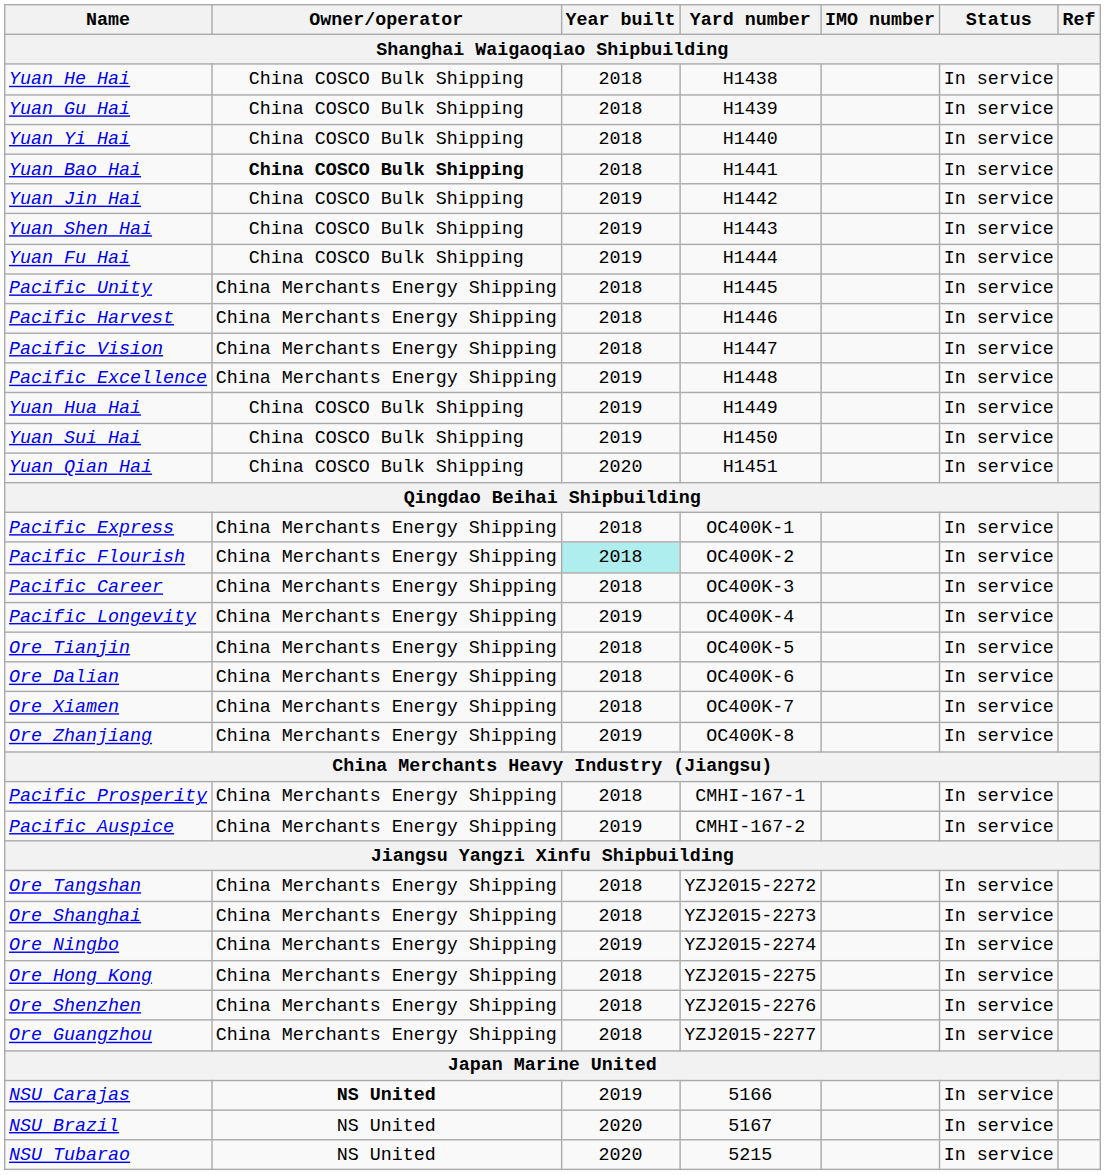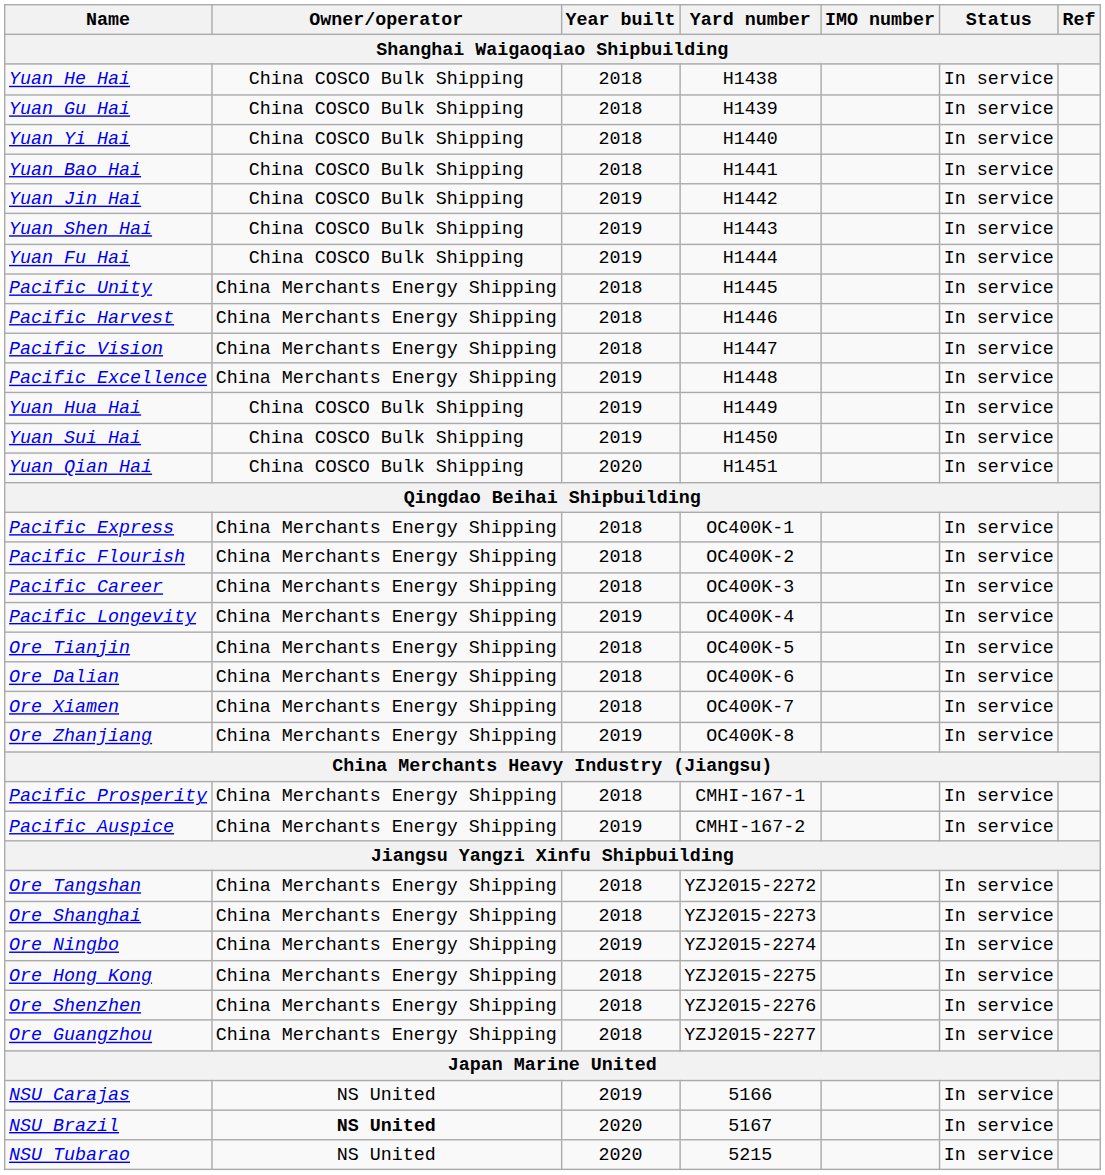 <table class="wikitable">
 <tr>
 <th>Name</th>
 <th>Owner/operator</th>
 <th>Year built</th>
 <th>Yard number</th>
 <th>IMO number</th>
 <th>Status</th>
 <th>Ref</th>
 </tr>
 <tr>
 <th colspan=7>Shanghai Waigaoqiao Shipbuilding</th>
 </tr>
 <tr>
 <td align="left"><a href='#'><em>Yuan He Hai</em></a></td>
 <td align="center">China COSCO Bulk Shipping</td>
 <td align="center">2018</td>
 <td align="center">H1438</td>
 <td align="center"></td>
 <td align="center">In service</td>
 <td align="center"></td>
 </tr>
 <tr>
 <td align="left"><a href='#'><em>Yuan Gu Hai</em></a></td>
 <td align="center">China COSCO Bulk Shipping</td>
 <td align="center">2018</td>
 <td align="center">H1439</td>
 <td align="center"></td>
 <td align="center">In service</td>
 <td align="center"></td>
 </tr>
 <tr>
 <td align="left"><a href='#'><em>Yuan Yi Hai</em></a></td>
 <td align="center">China COSCO Bulk Shipping</td>
 <td align="center">2018</td>
 <td align="center">H1440</td>
 <td align="center"></td>
 <td align="center">In service</td>
 <td align="center"></td>
 </tr>
 <tr>
 <td align="left"><a href='#'><em>Yuan Bao Hai</em></a></td>
-<td align="center"><strong>China COSCO Bulk Shipping</strong></td>
+<td align="center">China COSCO Bulk Shipping</td>
 <td align="center">2018</td>
 <td align="center">H1441</td>
 <td align="center"></td>
 <td align="center">In service</td>
 <td align="center"></td>
 </tr>
 <tr>
 <td align="left"><a href='#'><em>Yuan Jin Hai</em></a></td>
 <td align="center">China COSCO Bulk Shipping</td>
 <td align="center">2019</td>
 <td align="center">H1442</td>
 <td align="center"></td>
 <td align="center">In service</td>
 <td align="center"></td>
 </tr>
 <tr>
 <td align="left"><a href='#'><em>Yuan Shen Hai</em></a></td>
 <td align="center">China COSCO Bulk Shipping</td>
 <td align="center">2019</td>
 <td align="center">H1443</td>
 <td align="center"></td>
 <td align="center">In service</td>
 <td align="center"></td>
 </tr>
 <tr>
 <td align="left"><a href='#'><em>Yuan Fu Hai</em></a></td>
 <td align="center">China COSCO Bulk Shipping</td>
 <td align="center">2019</td>
 <td align="center">H1444</td>
 <td align="center"></td>
 <td align="center">In service</td>
 <td align="center"></td>
 </tr>
 <tr>
 <td align="left"><a href='#'><em>Pacific Unity</em></a></td>
 <td align="center">China Merchants Energy Shipping</td>
 <td align="center">2018</td>
 <td align="center">H1445</td>
 <td align="center"></td>
 <td align="center">In service</td>
 <td align="center"></td>
 </tr>
 <tr>
 <td align="left"><a href='#'><em>Pacific Harvest</em></a></td>
 <td align="center">China Merchants Energy Shipping</td>
 <td align="center">2018</td>
 <td align="center">H1446</td>
 <td align="center"></td>
 <td align="center">In service</td>
 <td align="center"></td>
 </tr>
 <tr>
 <td align="left"><a href='#'><em>Pacific Vision</em></a></td>
 <td align="center">China Merchants Energy Shipping</td>
 <td align="center">2018</td>
 <td align="center">H1447</td>
 <td align="center"></td>
 <td align="center">In service</td>
 <td align="center"></td>
 </tr>
 <tr>
 <td align="left"><a href='#'><em>Pacific Excellence</em></a></td>
 <td align="center">China Merchants Energy Shipping</td>
 <td align="center">2019</td>
 <td align="center">H1448</td>
 <td align="center"></td>
 <td align="center">In service</td>
 <td align="center"></td>
 </tr>
 <tr>
 <td align="left"><a href='#'><em>Yuan Hua Hai</em></a></td>
 <td align="center">China COSCO Bulk Shipping</td>
 <td align="center">2019</td>
 <td align="center">H1449</td>
 <td align="center"></td>
 <td align="center">In service</td>
 <td align="center"></td>
 </tr>
 <tr>
 <td align="left"><a href='#'><em>Yuan Sui Hai</em></a></td>
 <td align="center">China COSCO Bulk Shipping</td>
 <td align="center">2019</td>
 <td align="center">H1450</td>
 <td align="center"></td>
 <td align="center">In service</td>
 <td align="center"></td>
 </tr>
 <tr>
 <td align="left"><a href='#'><em>Yuan Qian Hai</em></a></td>
 <td align="center">China COSCO Bulk Shipping</td>
 <td align="center">2020</td>
 <td align="center">H1451</td>
 <td align="center"></td>
 <td align="center">In service</td>
 <td align="center"></td>
 </tr>
 <tr>
 <th colspan=7>Qingdao Beihai Shipbuilding</th>
 </tr>
 <tr>
 <td align="left"><a href='#'><em>Pacific Express</em></a></td>
 <td align="center">China Merchants Energy Shipping</td>
 <td align="center">2018</td>
 <td align="center">OC400K-1</td>
 <td align="center"></td>
 <td align="center">In service</td>
 <td align="center"></td>
 </tr>
 <tr>
 <td align="left"><a href='#'><em>Pacific Flourish</em></a></td>
 <td align="center">China Merchants Energy Shipping</td>
-<td align="center" style="background: paleturquoise;">2018</td>
+<td align="center">2018</td>
 <td align="center">OC400K-2</td>
 <td align="center"></td>
 <td align="center">In service</td>
 <td align="center"></td>
 </tr>
 <tr>
 <td align="left"><a href='#'><em>Pacific Career</em></a></td>
 <td align="center">China Merchants Energy Shipping</td>
 <td align="center">2018</td>
 <td align="center">OC400K-3</td>
 <td align="center"></td>
 <td align="center">In service</td>
 <td align="center"></td>
 </tr>
 <tr>
 <td align="left"><a href='#'><em>Pacific Longevity</em></a></td>
 <td align="center">China Merchants Energy Shipping</td>
 <td align="center">2019</td>
 <td align="center">OC400K-4</td>
 <td align="center"></td>
 <td align="center">In service</td>
 <td align="center"></td>
 </tr>
 <tr>
 <td align="left"><a href='#'><em>Ore Tianjin</em></a></td>
 <td align="center">China Merchants Energy Shipping</td>
 <td align="center">2018</td>
 <td align="center">OC400K-5</td>
 <td align="center"></td>
 <td align="center">In service</td>
 <td align="center"></td>
 </tr>
 <tr>
 <td align="left"><a href='#'><em>Ore Dalian</em></a></td>
 <td align="center">China Merchants Energy Shipping</td>
 <td align="center">2018</td>
 <td align="center">OC400K-6</td>
 <td align="center"></td>
 <td align="center">In service</td>
 <td align="center"></td>
 </tr>
 <tr>
 <td align="left"><a href='#'><em>Ore Xiamen</em></a></td>
 <td align="center">China Merchants Energy Shipping</td>
 <td align="center">2018</td>
 <td align="center">OC400K-7</td>
 <td align="center"></td>
 <td align="center">In service</td>
 <td align="center"></td>
 </tr>
 <tr>
 <td align="left"><a href='#'><em>Ore Zhanjiang</em></a></td>
 <td align="center">China Merchants Energy Shipping</td>
 <td align="center">2019</td>
 <td align="center">OC400K-8</td>
 <td align="center"></td>
 <td align="center">In service</td>
 <td align="center"></td>
 </tr>
 <tr>
 <th colspan=7>China Merchants Heavy Industry (Jiangsu)</th>
 </tr>
 <tr>
 <td align="left"><a href='#'><em>Pacific Prosperity</em></a></td>
 <td align="center">China Merchants Energy Shipping</td>
 <td align="center">2018</td>
 <td align="center">CMHI-167-1</td>
 <td align="center"></td>
 <td align="center">In service</td>
 <td align="center"></td>
 </tr>
 <tr>
 <td align="left"><a href='#'><em>Pacific Auspice</em></a></td>
 <td align="center">China Merchants Energy Shipping</td>
 <td align="center">2019</td>
 <td align="center">CMHI-167-2</td>
 <td align="center"></td>
 <td align="center">In service</td>
 <td align="center"></td>
 </tr>
 <tr>
 <th colspan=7>Jiangsu Yangzi Xinfu Shipbuilding</th>
 </tr>
 <tr>
 <td align="left"><a href='#'><em>Ore Tangshan</em></a></td>
 <td align="center">China Merchants Energy Shipping</td>
 <td align="center">2018</td>
 <td align="center">YZJ2015-2272</td>
 <td align="center"></td>
 <td align="center">In service</td>
 <td align="center"></td>
 </tr>
 <tr>
 <td align="left"><a href='#'><em>Ore Shanghai</em></a></td>
 <td align="center">China Merchants Energy Shipping</td>
 <td align="center">2018</td>
 <td align="center">YZJ2015-2273</td>
 <td align="center"></td>
 <td align="center">In service</td>
 <td align="center"></td>
 </tr>
 <tr>
 <td align="left"><a href='#'><em>Ore Ningbo</em></a></td>
 <td align="center">China Merchants Energy Shipping</td>
 <td align="center">2019</td>
 <td align="center">YZJ2015-2274</td>
 <td align="center"></td>
 <td align="center">In service</td>
 <td align="center"></td>
 </tr>
 <tr>
 <td align="left"><a href='#'><em>Ore Hong Kong</em></a></td>
 <td align="center">China Merchants Energy Shipping</td>
 <td align="center">2018</td>
 <td align="center">YZJ2015-2275</td>
 <td align="center"></td>
 <td align="center">In service</td>
 <td align="center"></td>
 </tr>
 <tr>
 <td align="left"><a href='#'><em>Ore Shenzhen</em></a></td>
 <td align="center">China Merchants Energy Shipping</td>
 <td align="center">2018</td>
 <td align="center">YZJ2015-2276</td>
 <td align="center"></td>
 <td align="center">In service</td>
 <td align="center"></td>
 </tr>
 <tr>
 <td align="left"><a href='#'><em>Ore Guangzhou</em></a></td>
 <td align="center">China Merchants Energy Shipping</td>
 <td align="center">2018</td>
 <td align="center">YZJ2015-2277</td>
 <td align="center"></td>
 <td align="center">In service</td>
 <td align="center"></td>
 </tr>
 <tr>
 <th colspan=7>Japan Marine United</th>
 </tr>
 <tr>
 <td align="left"><em><a href='#'>NSU Carajas</a></em></td>
-<td align="center"><strong>NS United</strong></td>
+<td align="center">NS United</td>
 <td align="center">2019</td>
 <td align="center">5166</td>
 <td align="center"></td>
 <td align="center">In service</td>
 <td align="center"></td>
 </tr>
 <tr>
 <td align="left"><em><a href='#'>NSU Brazil</a></em></td>
-<td align="center">NS United</td>
+<td align="center"><strong>NS United</strong></td>
 <td align="center">2020</td>
 <td align="center">5167</td>
 <td align="center"></td>
 <td align="center">In service</td>
 <td align="center"></td>
 </tr>
 <tr>
 <td align="left"><em><a href='#'>NSU Tubarao</a></em></td>
 <td align="center">NS United</td>
 <td align="center">2020</td>
 <td align="center">5215</td>
 <td align="center"></td>
 <td align="center">In service</td>
 <td align="center"></td>
 </tr>
 </table>
